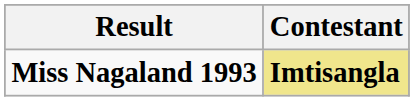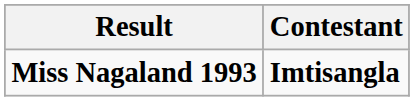 <table class="wikitable">
 <tr>
 <th>Result</th>
 <th>Contestant</th>
 </tr>
 <tr>
 <td><strong>Miss Nagaland 1993</strong></td>
-<td style="background: khaki;"><strong>Imtisangla</strong></td>
+<td><strong>Imtisangla</strong></td>
 </tr>
 </table>
